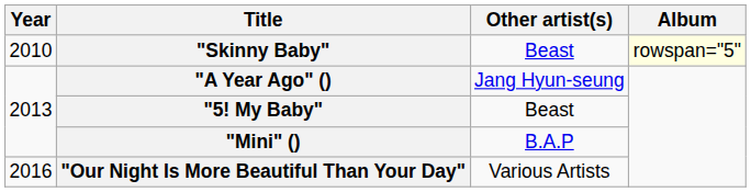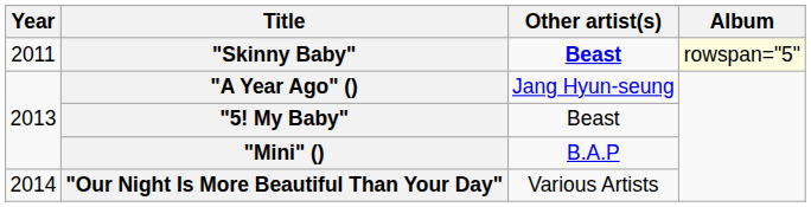 <table class="wikitable plainrowheaders" style="text-align:center;">
 <tr>
 <th scope="col">Year</th>
 <th scope="col">Title</th>
 <th scope="col">Other artist(s)</th>
 <th scope="col">Album</th>
 </tr>
 <tr>
-<td>2010</td>
+<td>2011</td>
 <th scope="row">"Skinny Baby"</th>
-<td><a href='#'>Beast</a></td>
+<td><strong><a href='#'>Beast</a></strong></td>
 <td style="background: lightyellow;">rowspan="5" </td>
 </tr>
 <tr>
 <td rowspan="3">2013</td>
 <th scope="row">"A Year Ago" ()</th>
 <td><a href='#'>Jang Hyun-seung</a></td>
 </tr>
 <tr>
 <th scope="row">"5! My Baby"</th>
 <td>Beast</td>
 </tr>
 <tr>
 <th scope="row">"Mini" ()</th>
 <td><a href='#'>B.A.P</a></td>
 </tr>
 <tr>
-<td>2016</td>
+<td>2014</td>
 <th scope="row">"Our Night Is More Beautiful Than Your Day"</th>
 <td>Various Artists</td>
 </tr>
 </table>
